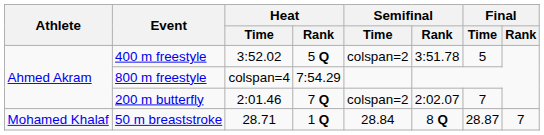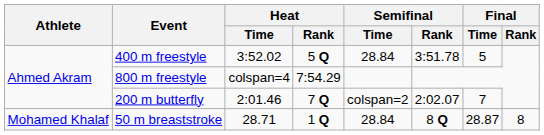 <table class=wikitable style="font-size:90%">
 <tr>
 <th rowspan=2>Athlete</th>
 <th rowspan=2>Event</th>
 <th colspan="2">Heat</th>
 <th colspan="2">Semifinal</th>
 <th colspan="2">Final</th>
 </tr>
 <tr style="font-size:95%">
 <th>Time</th>
 <th>Rank</th>
 <th>Time</th>
 <th>Rank</th>
 <th>Time</th>
 <th>Rank</th>
 </tr>
 <tr align=center>
 <td align=left rowspan=3><a href='#'>Ahmed Akram</a></td>
 <td align=left><a href='#'>400 m freestyle</a></td>
 <td>3:52.02</td>
 <td>5 <strong>Q	</strong></td>
-<td>colspan=2 </td>
+<td>28.84</td>
 <td>3:51.78</td>
 <td>5</td>
 </tr>
 <tr align=center>
 <td align=left><a href='#'>800 m freestyle</a></td>
 <td>colspan=4 </td>
 <td>7:54.29</td>
 <td></td>
 </tr>
 <tr align=center>
 <td align=left><a href='#'>200 m butterfly</a></td>
 <td>2:01.46</td>
 <td>7 <strong>Q	</strong></td>
 <td>colspan=2 </td>
 <td>2:02.07</td>
 <td>7</td>
 </tr>
 <tr align=center>
 <td align=left><a href='#'>Mohamed Khalaf</a></td>
 <td align=left><a href='#'>50 m breaststroke</a></td>
 <td>28.71</td>
 <td>1 <strong>Q</strong></td>
 <td>28.84</td>
 <td>8 <strong>Q</strong></td>
 <td>28.87</td>
-<td>7</td>
+<td>8</td>
 </tr>
 </table>
